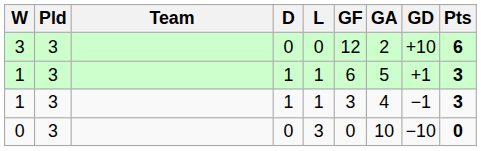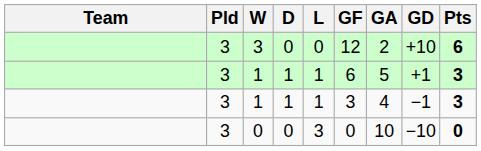 <table class="wikitable" style="text-align: center;">
 <tr>
+<th width=175>Team</th>
+<th width=20>Pld</th>
 <th width=20>W</th>
-<th width=20>Pld</th>
-<th width=175>Team</th>
 <th width=20>D</th>
 <th width=20>L</th>
 <th width=20>GF</th>
 <th width=20>GA</th>
 <th width=20>GD</th>
 <th width=20>Pts</th>
 </tr>
 <tr bgcolor=ccffcc>
+<td style="text-align:left;"></td>
 <td>3</td>
 <td>3</td>
-<td style="text-align:left;"></td>
 <td>0</td>
 <td>0</td>
 <td>12</td>
 <td>2</td>
 <td>+10</td>
 <td><strong>6</strong></td>
 </tr>
 <tr bgcolor=ccffcc>
+<td style="text-align:left;"></td>
+<td>3</td>
 <td>1</td>
-<td>3</td>
-<td style="text-align:left;"></td>
 <td>1</td>
 <td>1</td>
 <td>6</td>
 <td>5</td>
 <td>+1</td>
 <td><strong>3</strong></td>
 </tr>
 <tr>
+<td style="text-align:left;"></td>
+<td>3</td>
 <td>1</td>
-<td>3</td>
-<td style="text-align:left;"></td>
 <td>1</td>
 <td>1</td>
 <td>3</td>
 <td>4</td>
 <td>−1</td>
 <td><strong>3</strong></td>
 </tr>
 <tr>
+<td style="text-align:left;"></td>
+<td>3</td>
 <td>0</td>
-<td>3</td>
-<td style="text-align:left;"></td>
 <td>0</td>
 <td>3</td>
 <td>0</td>
 <td>10</td>
 <td>−10</td>
 <td><strong>0</strong></td>
 </tr>
 </table>
